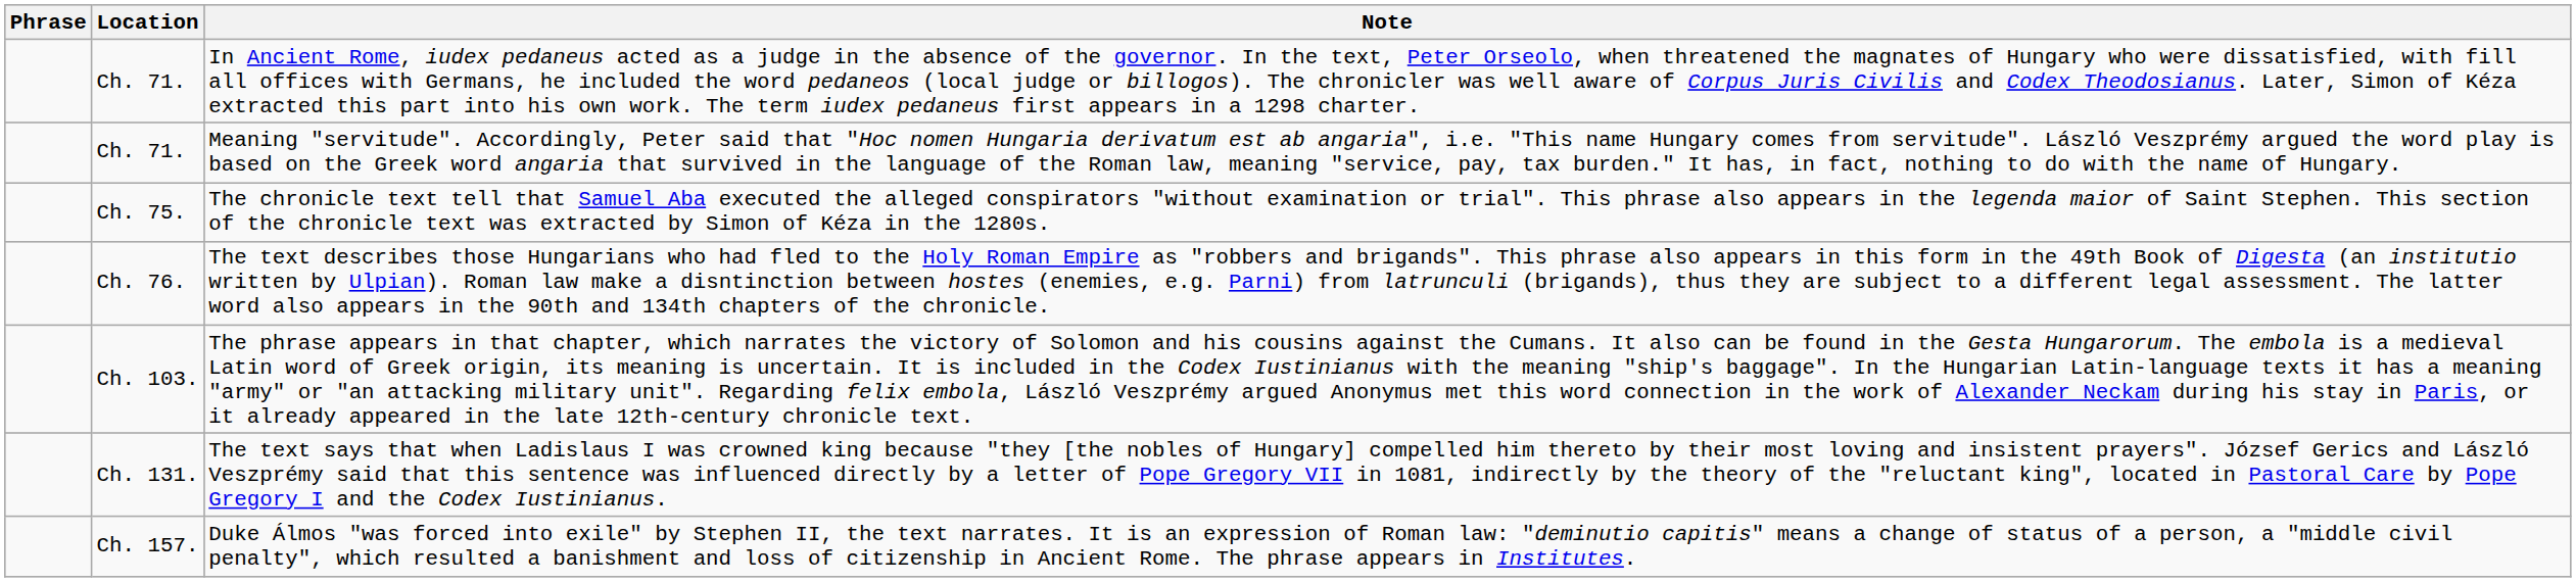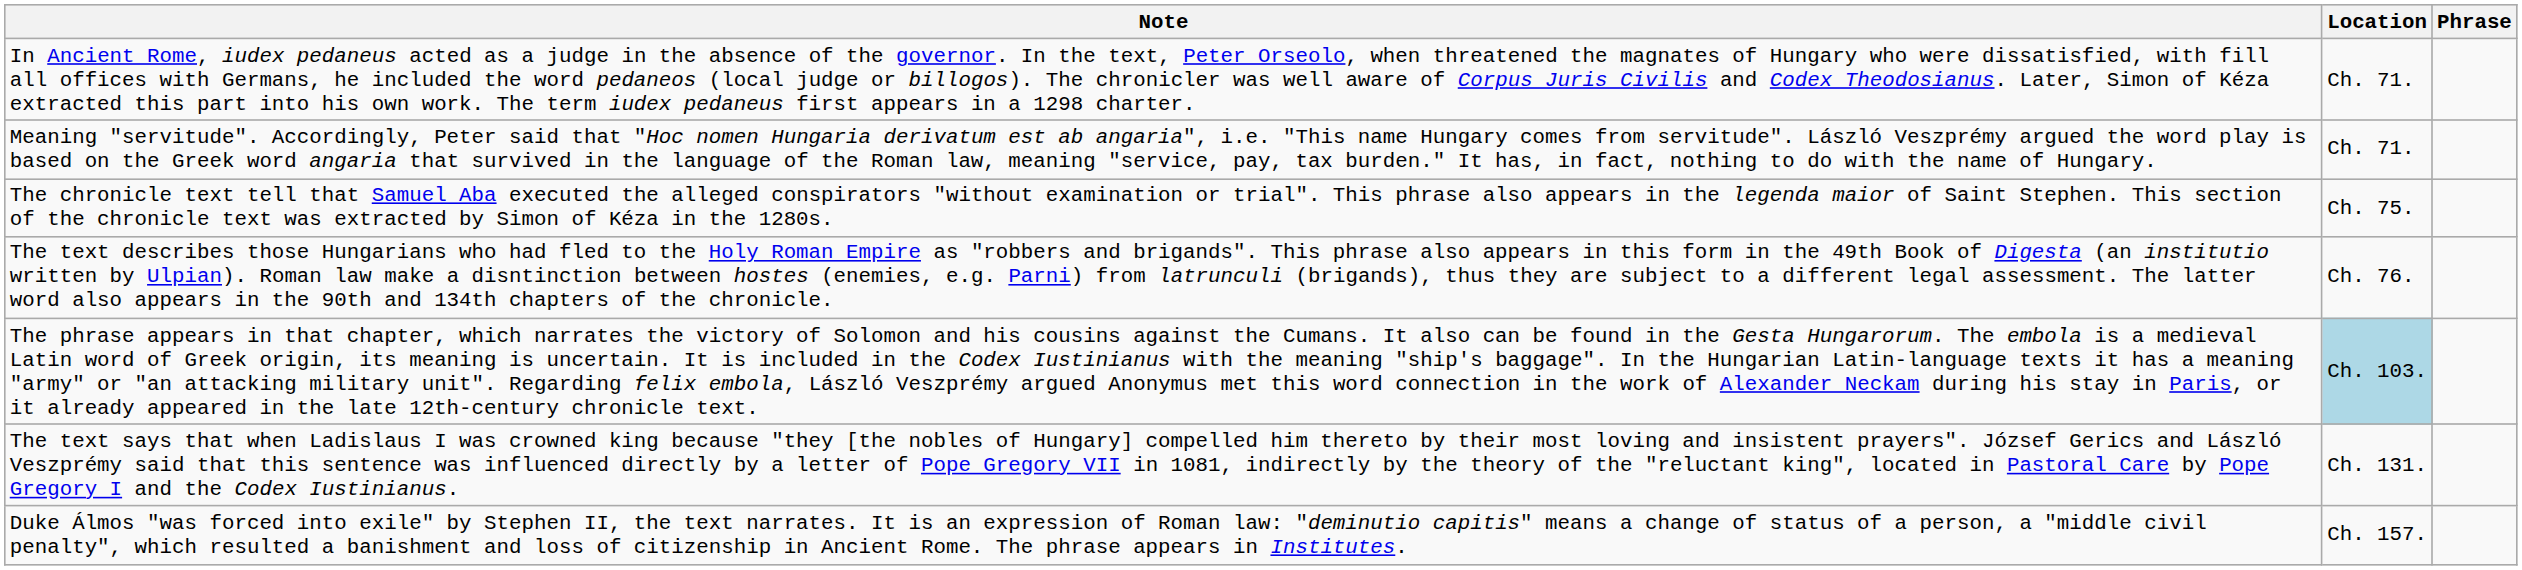 <table class="wikitable">
 <tr>
+<th>Note</th>
+<th>Location</th>
 <th>Phrase</th>
-<th>Location</th>
-<th>Note</th>
 </tr>
 <tr>
+<td>In <a href='#'>Ancient Rome</a>, <em>iudex pedaneus</em> acted as a judge in the absence of the <a href='#'>governor</a>. In the text, <a href='#'>Peter Orseolo</a>, when threatened the magnates of Hungary who were dissatisfied, with fill all offices with Germans, he included the word <em>pedaneos</em> (local judge or <em>billogos</em>). The chronicler was well aware of <em><a href='#'>Corpus Juris Civilis</a></em> and <em><a href='#'>Codex Theodosianus</a></em>. Later, Simon of Kéza extracted this part into his own work. The term <em>iudex pedaneus</em> first appears in a 1298 charter.</td>
+<td>Ch. 71.</td>
 <td></td>
-<td>Ch. 71.</td>
-<td>In <a href='#'>Ancient Rome</a>, <em>iudex pedaneus</em> acted as a judge in the absence of the <a href='#'>governor</a>. In the text, <a href='#'>Peter Orseolo</a>, when threatened the magnates of Hungary who were dissatisfied, with fill all offices with Germans, he included the word <em>pedaneos</em> (local judge or <em>billogos</em>). The chronicler was well aware of <em><a href='#'>Corpus Juris Civilis</a></em> and <em><a href='#'>Codex Theodosianus</a></em>. Later, Simon of Kéza extracted this part into his own work. The term <em>iudex pedaneus</em> first appears in a 1298 charter.</td>
 </tr>
 <tr>
+<td>Meaning "servitude". Accordingly, Peter said that "<em>Hoc nomen Hungaria derivatum est ab angaria</em>", i.e. "This name Hungary comes from servitude". László Veszprémy argued the word play is based on the Greek word <em>angaria</em> that survived in the language of the Roman law, meaning "service, pay, tax burden." It has, in fact, nothing to do with the name of Hungary.</td>
+<td>Ch. 71.</td>
 <td></td>
-<td>Ch. 71.</td>
-<td>Meaning "servitude". Accordingly, Peter said that "<em>Hoc nomen Hungaria derivatum est ab angaria</em>", i.e. "This name Hungary comes from servitude". László Veszprémy argued the word play is based on the Greek word <em>angaria</em> that survived in the language of the Roman law, meaning "service, pay, tax burden." It has, in fact, nothing to do with the name of Hungary.</td>
 </tr>
 <tr>
+<td>The chronicle text tell that <a href='#'>Samuel Aba</a> executed the alleged conspirators "without examination or trial". This phrase also appears in the <em>legenda maior</em> of Saint Stephen. This section of the chronicle text was extracted by Simon of Kéza in the 1280s.</td>
+<td>Ch. 75.</td>
 <td></td>
-<td>Ch. 75.</td>
-<td>The chronicle text tell that <a href='#'>Samuel Aba</a> executed the alleged conspirators "without examination or trial". This phrase also appears in the <em>legenda maior</em> of Saint Stephen. This section of the chronicle text was extracted by Simon of Kéza in the 1280s.</td>
 </tr>
 <tr>
+<td>The text describes those Hungarians who had fled to the <a href='#'>Holy Roman Empire</a> as "robbers and brigands". This phrase also appears in this form in the 49th Book of <em><a href='#'>Digesta</a></em> (an <em>institutio</em> written by <a href='#'>Ulpian</a>). Roman law make a disntinction between <em>hostes</em> (enemies, e.g. <a href='#'>Parni</a>) from <em>latrunculi</em> (brigands), thus they are subject to a different legal assessment. The latter word also appears in the 90th and 134th chapters of the chronicle.</td>
+<td>Ch. 76.</td>
 <td></td>
-<td>Ch. 76.</td>
-<td>The text describes those Hungarians who had fled to the <a href='#'>Holy Roman Empire</a> as "robbers and brigands". This phrase also appears in this form in the 49th Book of <em><a href='#'>Digesta</a></em> (an <em>institutio</em> written by <a href='#'>Ulpian</a>). Roman law make a disntinction between <em>hostes</em> (enemies, e.g. <a href='#'>Parni</a>) from <em>latrunculi</em> (brigands), thus they are subject to a different legal assessment. The latter word also appears in the 90th and 134th chapters of the chronicle.</td>
 </tr>
 <tr>
+<td>The phrase appears in that chapter, which narrates the victory of Solomon and his cousins against the Cumans. It also can be found in the <em>Gesta Hungarorum</em>. The <em>embola</em> is a medieval Latin word of Greek origin, its meaning is uncertain. It is included in the <em>Codex Iustinianus</em> with the meaning "ship's baggage". In the Hungarian Latin-language texts it has a meaning "army" or "an attacking military unit". Regarding <em>felix embola</em>, László Veszprémy argued Anonymus met this word connection in the work of <a href='#'>Alexander Neckam</a> during his stay in <a href='#'>Paris</a>, or it already appeared in the late 12th-century chronicle text.</td>
+<td style="background: lightblue;">Ch. 103.</td>
 <td></td>
-<td>Ch. 103.</td>
-<td>The phrase appears in that chapter, which narrates the victory of Solomon and his cousins against the Cumans. It also can be found in the <em>Gesta Hungarorum</em>. The <em>embola</em> is a medieval Latin word of Greek origin, its meaning is uncertain. It is included in the <em>Codex Iustinianus</em> with the meaning "ship's baggage". In the Hungarian Latin-language texts it has a meaning "army" or "an attacking military unit". Regarding <em>felix embola</em>, László Veszprémy argued Anonymus met this word connection in the work of <a href='#'>Alexander Neckam</a> during his stay in <a href='#'>Paris</a>, or it already appeared in the late 12th-century chronicle text.</td>
 </tr>
 <tr>
+<td>The text says that when Ladislaus I was crowned king because "they [the nobles of Hungary] compelled him thereto by their most loving and insistent prayers". József Gerics and László Veszprémy said that this sentence was influenced directly by a letter of <a href='#'>Pope Gregory VII</a> in 1081, indirectly by the theory of the "reluctant king", located in <a href='#'>Pastoral Care</a> by <a href='#'>Pope Gregory I</a> and the <em>Codex Iustinianus</em>.</td>
+<td>Ch. 131.</td>
 <td><br></td>
-<td>Ch. 131.</td>
-<td>The text says that when Ladislaus I was crowned king because "they [the nobles of Hungary] compelled him thereto by their most loving and insistent prayers". József Gerics and László Veszprémy said that this sentence was influenced directly by a letter of <a href='#'>Pope Gregory VII</a> in 1081, indirectly by the theory of the "reluctant king", located in <a href='#'>Pastoral Care</a> by <a href='#'>Pope Gregory I</a> and the <em>Codex Iustinianus</em>.</td>
 </tr>
 <tr>
+<td>Duke Álmos "was forced into exile" by Stephen II, the text narrates. It is an expression of Roman law: "<em>deminutio capitis</em>" means a change of status of a person, a "middle civil penalty", which resulted a banishment and loss of citizenship in Ancient Rome. The phrase appears in <em><a href='#'>Institutes</a></em>.</td>
+<td>Ch. 157.</td>
 <td></td>
-<td>Ch. 157.</td>
-<td>Duke Álmos "was forced into exile" by Stephen II, the text narrates. It is an expression of Roman law: "<em>deminutio capitis</em>" means a change of status of a person, a "middle civil penalty", which resulted a banishment and loss of citizenship in Ancient Rome. The phrase appears in <em><a href='#'>Institutes</a></em>.</td>
 </tr>
 </table>
